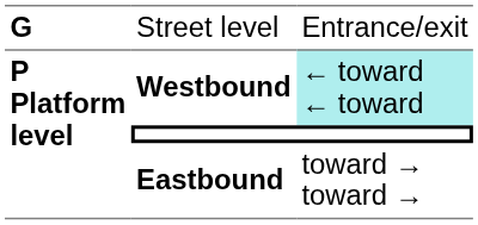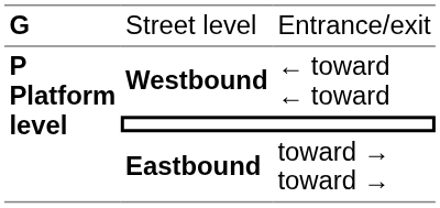 <table table border=0 cellspacing=0 cellpadding=3>
 <tr>
 <td style="border-top:solid 1px gray" width=50 valign=top><strong>G</strong></td>
 <td style="border-top:solid 1px gray" valign=top>Street level</td>
 <td style="border-top:solid 1px gray" valign=top>Entrance/exit</td>
 </tr>
 <tr>
 <td style="border-top:solid 1px gray;border-bottom:solid 1px gray" width=50 rowspan=3 valign=top><strong>P <br>Platform level</strong></td>
 <td style="border-top:solid 1px gray"><strong>Westbound</strong></td>
-<td style="background: paleturquoise; border-top:solid 1px gray">←  toward  <br>←  toward  </td>
+<td style="border-top:solid 1px gray">←  toward  <br>←  toward  </td>
 </tr>
 <tr>
 <td style="border-top:solid 2px black;border-right:solid 2px black;border-left:solid 2px black;border-bottom:solid 2px black;text-align:center" colspan=2></td>
 </tr>
 <tr>
 <td style="border-bottom:solid 1px gray"><strong>Eastbound</strong></td>
 <td style="border-bottom:solid 1px gray">  toward   →<br>  toward   →</td>
 </tr>
 </table>
